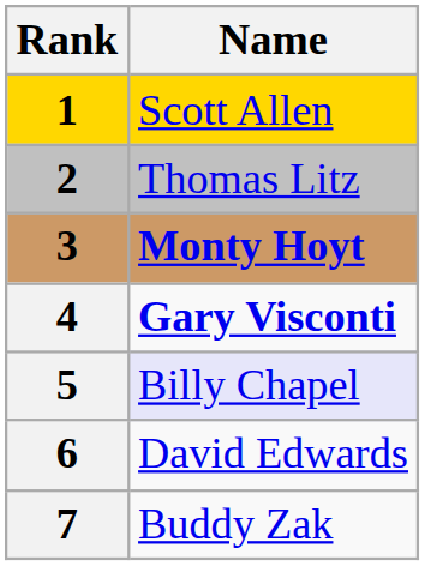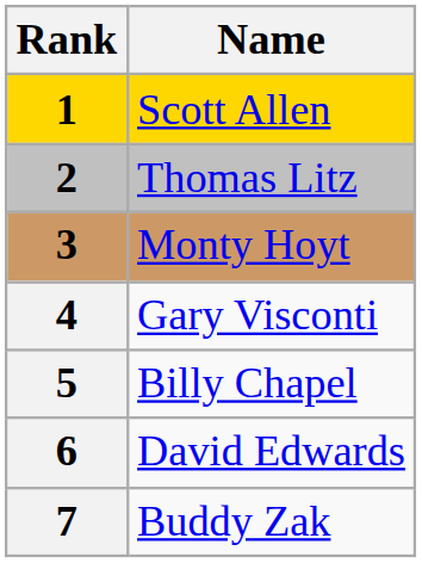 <table class="wikitable">
 <tr>
 <th>Rank</th>
 <th>Name</th>
 </tr>
 <tr bgcolor="gold">
 <td align="center"><strong>1</strong></td>
 <td><a href='#'>Scott Allen</a></td>
 </tr>
 <tr bgcolor="silver">
 <td align="center"><strong>2</strong></td>
 <td><a href='#'>Thomas Litz</a></td>
 </tr>
 <tr bgcolor="cc9966">
 <td align="center"><strong>3</strong></td>
-<td><strong><a href='#'>Monty Hoyt</a></strong></td>
+<td><a href='#'>Monty Hoyt</a></td>
 </tr>
 <tr>
 <th>4</th>
-<td><strong><a href='#'>Gary Visconti</a></strong></td>
+<td><a href='#'>Gary Visconti</a></td>
 </tr>
 <tr>
 <th>5</th>
-<td style="background: lavender;"><a href='#'>Billy Chapel</a></td>
+<td><a href='#'>Billy Chapel</a></td>
 </tr>
 <tr>
 <th>6</th>
 <td><a href='#'>David Edwards</a></td>
 </tr>
 <tr>
 <th>7</th>
 <td><a href='#'>Buddy Zak</a></td>
 </tr>
 </table>
